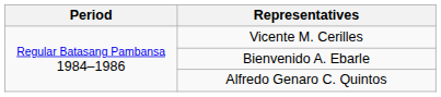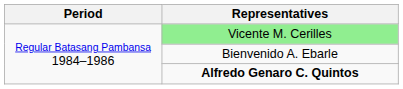 <table class="wikitable" style="text-align:center; width:40%;">
 <tr>
 <th width="40%">Period</th>
 <th>Representatives</th>
 </tr>
 <tr>
 <td rowspan="3"><small><a href='#'>Regular Batasang Pambansa</a></small><br>1984–1986</td>
-<td>Vicente M. Cerilles</td>
+<td style="background: lightgreen;">Vicente M. Cerilles</td>
 </tr>
 <tr>
 <td>Bienvenido A. Ebarle</td>
 </tr>
 <tr>
-<td>Alfredo Genaro C. Quintos</td>
+<td><strong>Alfredo Genaro C. Quintos</strong></td>
 </tr>
 </table>
